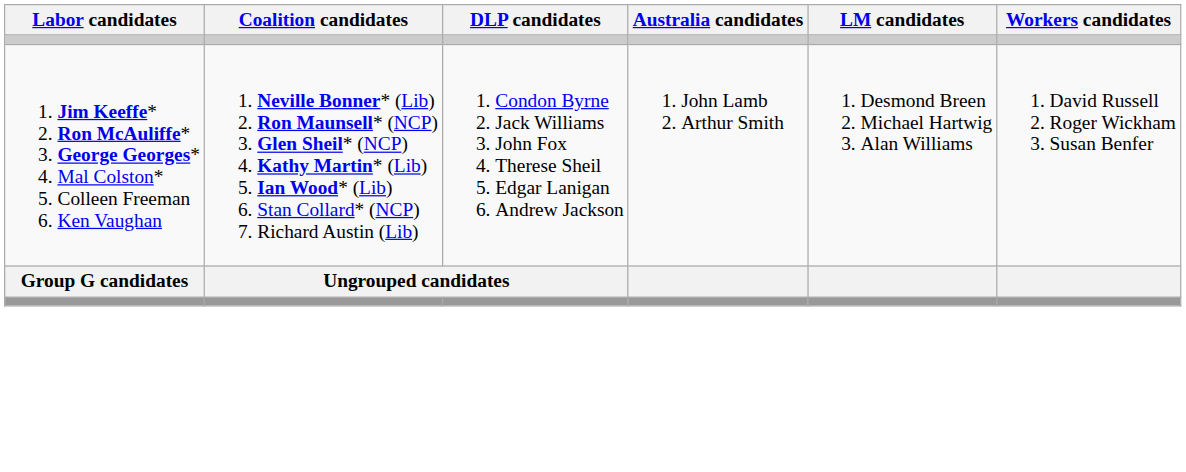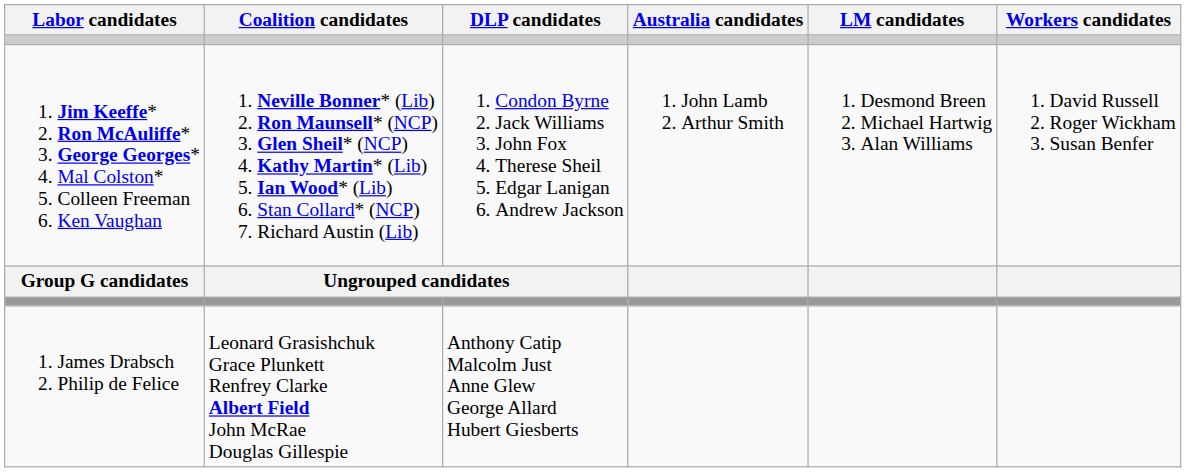 <table class="wikitable">
 <tr>
 <th><a href='#'>Labor</a> candidates</th>
 <th><a href='#'>Coalition</a> candidates</th>
 <th><a href='#'>DLP</a> candidates</th>
 <th><a href='#'>Australia</a> candidates</th>
 <th><a href='#'>LM</a> candidates</th>
 <th><a href='#'>Workers</a> candidates</th>
 </tr>
 <tr bgcolor="#cccccc">
 <td></td>
 <td></td>
 <td></td>
 <td></td>
 <td></td>
 <td></td>
 </tr>
 <tr>
 <td><br><ol><li><strong><a href='#'>Jim Keeffe</a></strong>*</li><li><strong><a href='#'>Ron McAuliffe</a></strong>*</li><li><strong><a href='#'>George Georges</a></strong>*</li><li><a href='#'>Mal Colston</a>*</li><li>Colleen Freeman</li><li><a href='#'>Ken Vaughan</a></li></ol></td>
 <td><br><ol><li><strong><a href='#'>Neville Bonner</a></strong>* (<a href='#'>Lib</a>)</li><li><strong><a href='#'>Ron Maunsell</a></strong>* (<a href='#'>NCP</a>)</li><li><strong><a href='#'>Glen Sheil</a></strong>* (<a href='#'>NCP</a>)</li><li><strong><a href='#'>Kathy Martin</a></strong>* (<a href='#'>Lib</a>)</li><li><strong><a href='#'>Ian Wood</a></strong>* (<a href='#'>Lib</a>)</li><li><a href='#'>Stan Collard</a>* (<a href='#'>NCP</a>)</li><li>Richard Austin (<a href='#'>Lib</a>)</li></ol></td>
 <td valign=top><br><ol><li><a href='#'>Condon Byrne</a></li><li>Jack Williams</li><li>John Fox</li><li>Therese Sheil</li><li>Edgar Lanigan</li><li>Andrew Jackson</li></ol></td>
 <td valign=top><br><ol><li>John Lamb</li><li>Arthur Smith</li></ol></td>
 <td valign=top><br><ol><li>Desmond Breen</li><li>Michael Hartwig</li><li>Alan Williams</li></ol></td>
 <td valign=top><br><ol><li>David Russell</li><li>Roger Wickham</li><li>Susan Benfer</li></ol></td>
 </tr>
 <tr bgcolor="#cccccc">
 <th>Group G candidates</th>
 <th colspan="2">Ungrouped candidates</th>
 <th></th>
 <th></th>
 <th></th>
 </tr>
 <tr bgcolor="#cccccc">
 <td bgcolor="#999999"></td>
 <td bgcolor="#999999"></td>
 <td bgcolor="#999999"></td>
 <td bgcolor="#999999"></td>
 <td bgcolor="#999999"></td>
 <td bgcolor="#999999"></td>
 </tr>
+<tr>
+<td valign=top><br><ol><li>James Drabsch</li><li>Philip de Felice</li></ol></td>
+<td valign=top><br>Leonard Grasishchuk<br> Grace Plunkett<br> Renfrey Clarke<br> <strong><a href='#'>Albert Field</a></strong><br> John McRae<br> Douglas Gillespie</td>
+<td valign=top><br>Anthony Catip<br> Malcolm Just<br> Anne Glew<br> George Allard<br> Hubert Giesberts</td>
+<td valign=top></td>
+<td valign=top></td>
+<td valign=top></td>
+</tr>
 </table>
